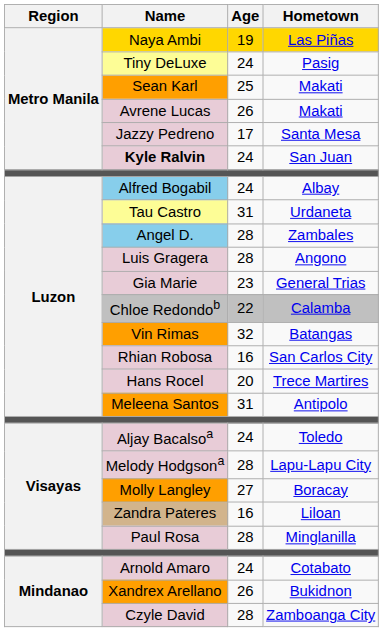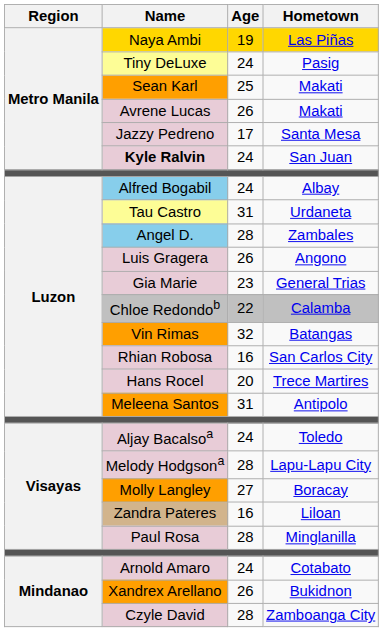 <table class="wikitable plainrowheaders" style="text-align:center;">
 <tr>
 <th>Region</th>
 <th>Name</th>
 <th>Age</th>
 <th>Hometown</th>
 </tr>
 <tr>
 <th rowspan="6">Metro Manila</th>
 <td style="background:gold;">Naya Ambi</td>
 <td style="background:gold;">19</td>
 <td style="background:gold;"><a href='#'>Las Piñas</a></td>
 </tr>
 <tr>
 <td style="background:#FDFD96;">Tiny DeLuxe</td>
 <td>24</td>
 <td><a href='#'>Pasig</a></td>
 </tr>
 <tr>
 <td style="background:#FF9F00;">Sean Karl</td>
 <td>25</td>
 <td><a href='#'>Makati</a></td>
 </tr>
 <tr>
 <td style="background:#E8CCD7;">Avrene Lucas</td>
 <td>26</td>
 <td><a href='#'>Makati</a></td>
 </tr>
 <tr>
 <td style="background:#E8CCD7;">Jazzy Pedreno</td>
 <td>17</td>
 <td><a href='#'>Santa Mesa</a></td>
 </tr>
 <tr>
 <td style="background:#E8CCD7;"><strong>Kyle Ralvin</strong></td>
 <td>24</td>
 <td><a href='#'>San Juan</a></td>
 </tr>
 <tr>
 <td colspan="4" style="background:#555;"></td>
 </tr>
 <tr>
 <th rowspan="10"><strong>Luzon</strong></th>
 <td style="background:skyblue;">Alfred Bogabil</td>
 <td>24</td>
 <td><a href='#'>Albay</a></td>
 </tr>
 <tr>
 <td style="background:#FDFD96;">Tau Castro</td>
 <td>31</td>
 <td><a href='#'>Urdaneta</a></td>
 </tr>
 <tr>
 <td style="background:skyblue;">Angel D.</td>
 <td>28</td>
 <td><a href='#'>Zambales</a></td>
 </tr>
 <tr>
 <td style="background:#E8CCD7;">Luis Gragera</td>
-<td>28</td>
+<td>26</td>
 <td><a href='#'>Angono</a></td>
 </tr>
 <tr>
 <td style="background:#E8CCD7;">Gia Marie</td>
 <td>23</td>
 <td><a href='#'>General Trias</a></td>
 </tr>
 <tr>
 <td style="background:silver;">Chloe Redondo<sup>b</sup></td>
 <td style="background:silver;">22</td>
 <td style="background:silver;"><a href='#'>Calamba</a></td>
 </tr>
 <tr>
 <td style="background:#FF9F00;">Vin Rimas</td>
 <td>32</td>
 <td><a href='#'>Batangas</a></td>
 </tr>
 <tr>
 <td style="background:#E8CCD7;">Rhian Robosa</td>
 <td>16</td>
 <td><a href='#'>San Carlos City</a></td>
 </tr>
 <tr>
 <td style="background:#E8CCD7;">Hans Rocel</td>
 <td>20</td>
 <td><a href='#'>Trece Martires</a></td>
 </tr>
 <tr>
 <td style="background:#FF9F00;">Meleena Santos</td>
 <td>31</td>
 <td><a href='#'>Antipolo</a></td>
 </tr>
 <tr>
 <td colspan="4" style="background:#555;"></td>
 </tr>
 <tr>
 <th rowspan="5"><strong>Visayas</strong></th>
 <td style="background:#E8CCD7;">Aljay Bacalso<sup>a</sup></td>
 <td>24</td>
 <td><a href='#'>Toledo</a></td>
 </tr>
 <tr>
 <td style="background:#E8CCD7;">Melody Hodgson<sup>a</sup></td>
 <td>28</td>
 <td><a href='#'>Lapu-Lapu City</a></td>
 </tr>
 <tr>
 <td style="background:#FF9F00;">Molly Langley</td>
 <td>27</td>
 <td><a href='#'>Boracay</a></td>
 </tr>
 <tr>
 <td style="background:tan;">Zandra Pateres</td>
 <td>16</td>
 <td><a href='#'>Liloan</a></td>
 </tr>
 <tr>
 <td style="background:#E8CCD7;">Paul Rosa</td>
 <td>28</td>
 <td><a href='#'>Minglanilla</a></td>
 </tr>
 <tr>
 <td colspan="4" style="background:#555;"></td>
 </tr>
 <tr>
 <th rowspan="3"><strong>Mindanao</strong></th>
 <td style="background:#E8CCD7;">Arnold Amaro</td>
 <td>24</td>
 <td><a href='#'>Cotabato</a></td>
 </tr>
 <tr>
 <td style="background:#FF9F00;">Xandrex Arellano</td>
 <td>26</td>
 <td><a href='#'>Bukidnon</a></td>
 </tr>
 <tr>
 <td style="background:#E8CCD7;">Czyle David</td>
 <td>28</td>
 <td><a href='#'>Zamboanga City</a></td>
 </tr>
 </table>
